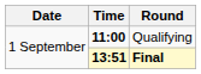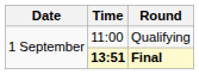 <table class="wikitable">
 <tr>
 <th>Date</th>
 <th>Time</th>
 <th>Round</th>
 </tr>
 <tr>
 <td rowspan=2>1 September</td>
-<td><strong>11:00</strong></td>
+<td>11:00</td>
 <td>Qualifying</td>
 </tr>
 <tr style="background:lemonchiffon">
 <td><strong>13:51</strong></td>
 <td><strong>Final</strong></td>
 </tr>
 </table>
